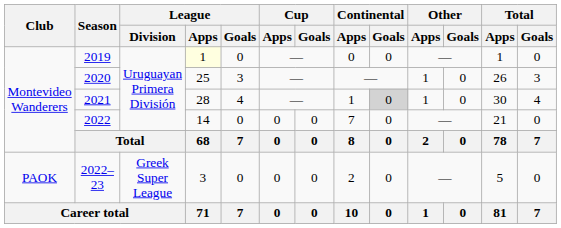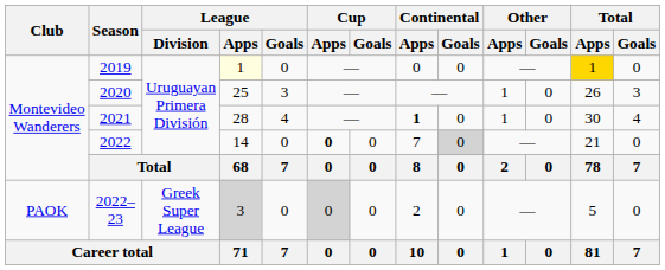 <table class="wikitable" Style="text-align: center">
 <tr>
 <th rowspan="2">Club</th>
 <th rowspan="2">Season</th>
 <th colspan="3">League</th>
 <th colspan="2">Cup</th>
 <th colspan="2">Continental</th>
 <th colspan="2">Other</th>
 <th colspan="2">Total</th>
 </tr>
 <tr>
 <th>Division</th>
 <th>Apps</th>
 <th>Goals</th>
 <th>Apps</th>
 <th>Goals</th>
 <th>Apps</th>
 <th>Goals</th>
 <th>Apps</th>
 <th>Goals</th>
 <th>Apps</th>
 <th>Goals</th>
 </tr>
 <tr>
 <td rowspan="5"><a href='#'>Montevideo Wanderers</a></td>
 <td><a href='#'>2019</a></td>
 <td rowspan="4"><a href='#'>Uruguayan Primera División</a></td>
 <td style="background: lightyellow;">1</td>
 <td>0</td>
 <td colspan="2">—</td>
 <td>0</td>
 <td>0</td>
 <td colspan="2">—</td>
-<td>1</td>
+<td style="background: gold;">1</td>
 <td>0</td>
 </tr>
 <tr>
 <td><a href='#'>2020</a></td>
 <td>25</td>
 <td>3</td>
 <td colspan="2">—</td>
 <td colspan="2">—</td>
 <td>1</td>
 <td>0</td>
 <td>26</td>
 <td>3</td>
 </tr>
 <tr>
 <td><a href='#'>2021</a></td>
 <td>28</td>
 <td>4</td>
 <td colspan="2">—</td>
-<td>1</td>
-<td style="background: lightgrey;">0</td>
+<td><strong>1</strong></td>
+<td>0</td>
 <td>1</td>
 <td>0</td>
 <td>30</td>
 <td>4</td>
 </tr>
 <tr>
 <td><a href='#'>2022</a></td>
 <td>14</td>
 <td>0</td>
-<td>0</td>
+<td><strong>0</strong></td>
 <td>0</td>
 <td>7</td>
-<td>0</td>
+<td style="background: lightgrey;">0</td>
 <td colspan="2">—</td>
 <td>21</td>
 <td>0</td>
 </tr>
 <tr>
 <th colspan="2">Total</th>
 <th>68</th>
 <th>7</th>
 <th>0</th>
 <th>0</th>
 <th>8</th>
 <th>0</th>
 <th>2</th>
 <th>0</th>
 <th>78</th>
 <th>7</th>
 </tr>
 <tr>
 <td><a href='#'>PAOK</a></td>
 <td><a href='#'>2022–23</a></td>
 <td><a href='#'>Greek Super League</a></td>
-<td>3</td>
+<td style="background: lightgrey;">3</td>
 <td>0</td>
-<td>0</td>
+<td style="background: lightgrey;">0</td>
 <td>0</td>
 <td>2</td>
 <td>0</td>
 <td colspan="2">—</td>
 <td>5</td>
 <td>0</td>
 </tr>
 <tr>
 <th colspan=3>Career total</th>
 <th>71</th>
 <th>7</th>
 <th>0</th>
 <th>0</th>
 <th>10</th>
 <th>0</th>
 <th>1</th>
 <th>0</th>
 <th>81</th>
 <th>7</th>
 </tr>
 </table>
